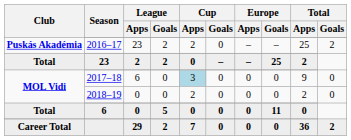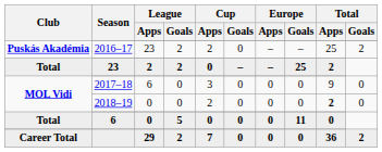 <table class="wikitable" style="font-size:90%; text-align: center;">
 <tr>
 <th rowspan="2">Club</th>
 <th rowspan="2">Season</th>
 <th colspan="2">League</th>
 <th colspan="2">Cup</th>
 <th colspan="2">Europe</th>
 <th colspan="2">Total</th>
 </tr>
 <tr>
 <th>Apps</th>
 <th>Goals</th>
 <th>Apps</th>
 <th>Goals</th>
 <th>Apps</th>
 <th>Goals</th>
 <th>Apps</th>
 <th>Goals</th>
 </tr>
 <tr ||-||-||-|->
 <td rowspan="3" valign="center"><strong><a href='#'>Puskás Akadémia</a></strong></td>
 </tr>
 <tr>
 <td><a href='#'>2016–17</a></td>
 <td>23</td>
 <td>2</td>
 <td>2</td>
 <td>0</td>
 <td>–</td>
 <td>–</td>
 <td>25</td>
 <td>2</td>
 </tr>
 <tr>
 </tr>
 <tr style="font-weight:bold; background-color:#eeeeee;">
 <td>Total</td>
 <td>23</td>
 <td>2</td>
 <td>2</td>
 <td>0</td>
 <td>–</td>
 <td>–</td>
 <td>25</td>
 <td>2</td>
 </tr>
 <tr>
 <td rowspan="4" valign="center"><strong><a href='#'>MOL Vidi</a></strong></td>
 </tr>
 <tr>
 <td><a href='#'>2017–18</a></td>
 <td>6</td>
 <td>0</td>
-<td style="background: lightblue;">3</td>
+<td>3</td>
 <td>0</td>
 <td>0</td>
 <td>0</td>
 <td>9</td>
 <td>0</td>
 </tr>
 <tr>
 <td><a href='#'>2018–19</a></td>
 <td>0</td>
 <td>0</td>
 <td>2</td>
 <td>0</td>
 <td>0</td>
 <td>0</td>
-<td>2</td>
+<td><strong>2</strong></td>
 <td>0</td>
 </tr>
 <tr>
 </tr>
 <tr style="font-weight:bold; background-color:#eeeeee;">
 <td>Total</td>
 <td>6</td>
 <td>0</td>
 <td>5</td>
 <td>0</td>
 <td>0</td>
 <td>0</td>
 <td>11</td>
 <td>0</td>
 </tr>
 <tr>
 </tr>
 <tr style="font-weight:bold; background-color:#eeeeee;">
 <td rowspan="1" valign="top"><strong>Career Total</strong></td>
 <td></td>
 <td><strong>29</strong></td>
 <td><strong>2</strong></td>
 <td><strong>7</strong></td>
 <td><strong>0</strong></td>
 <td><strong>0</strong></td>
 <td><strong>0</strong></td>
 <td><strong>36</strong></td>
 <td><strong>2</strong></td>
 </tr>
 </table>
